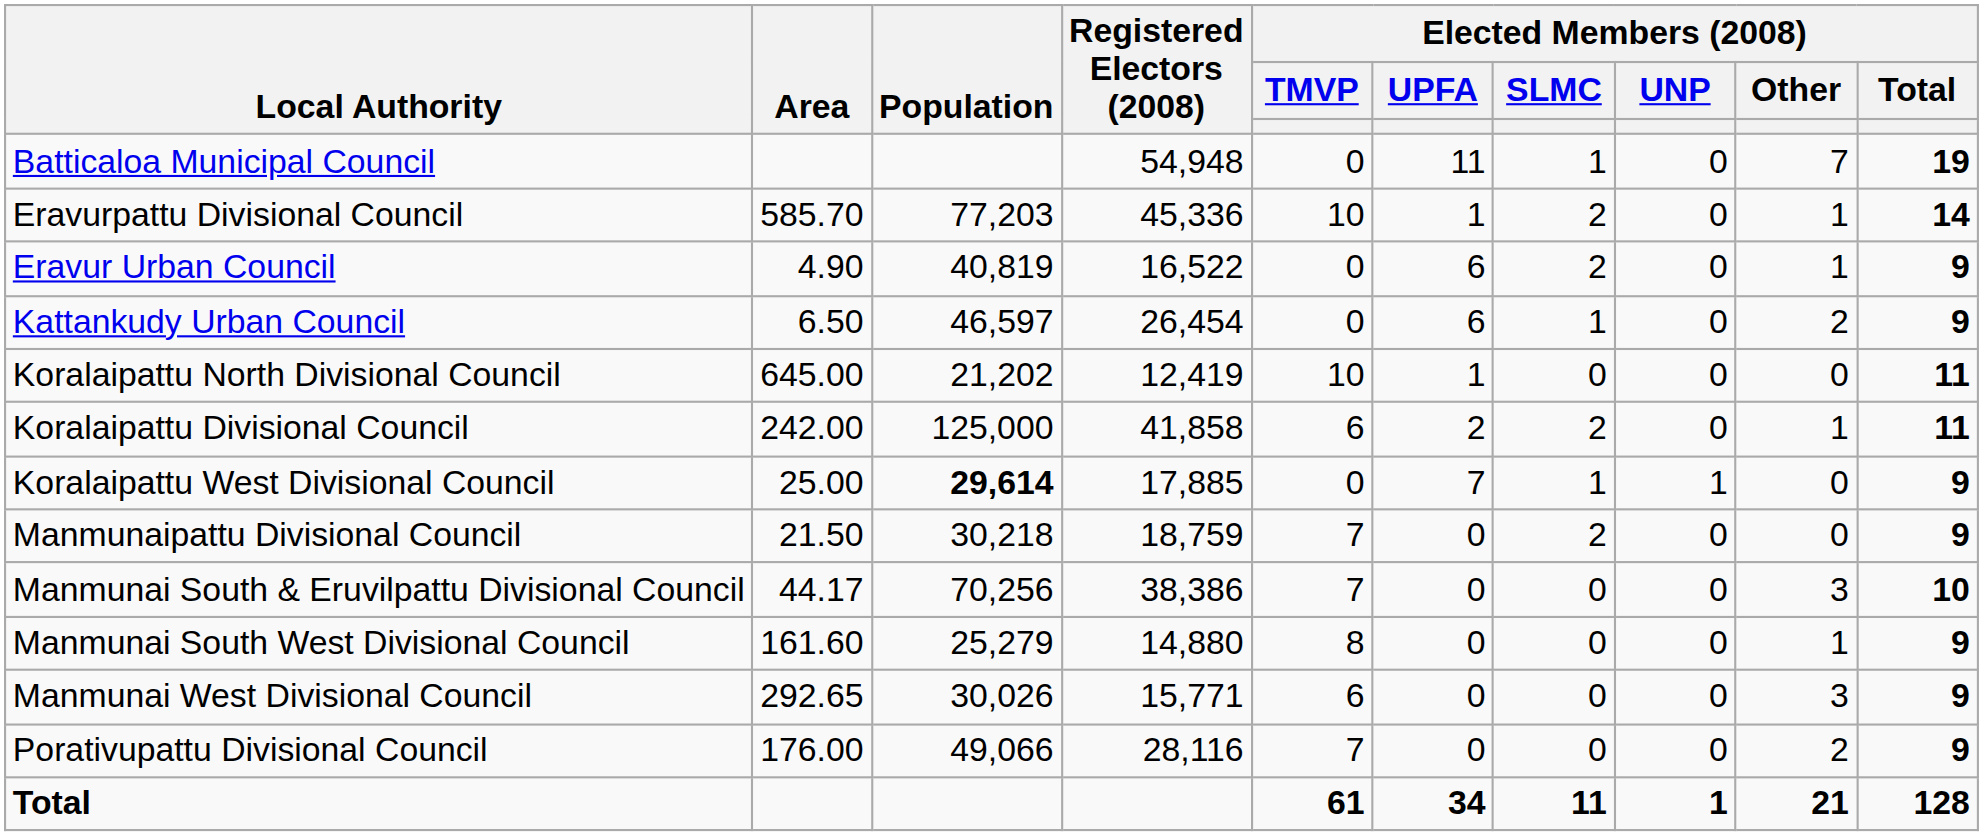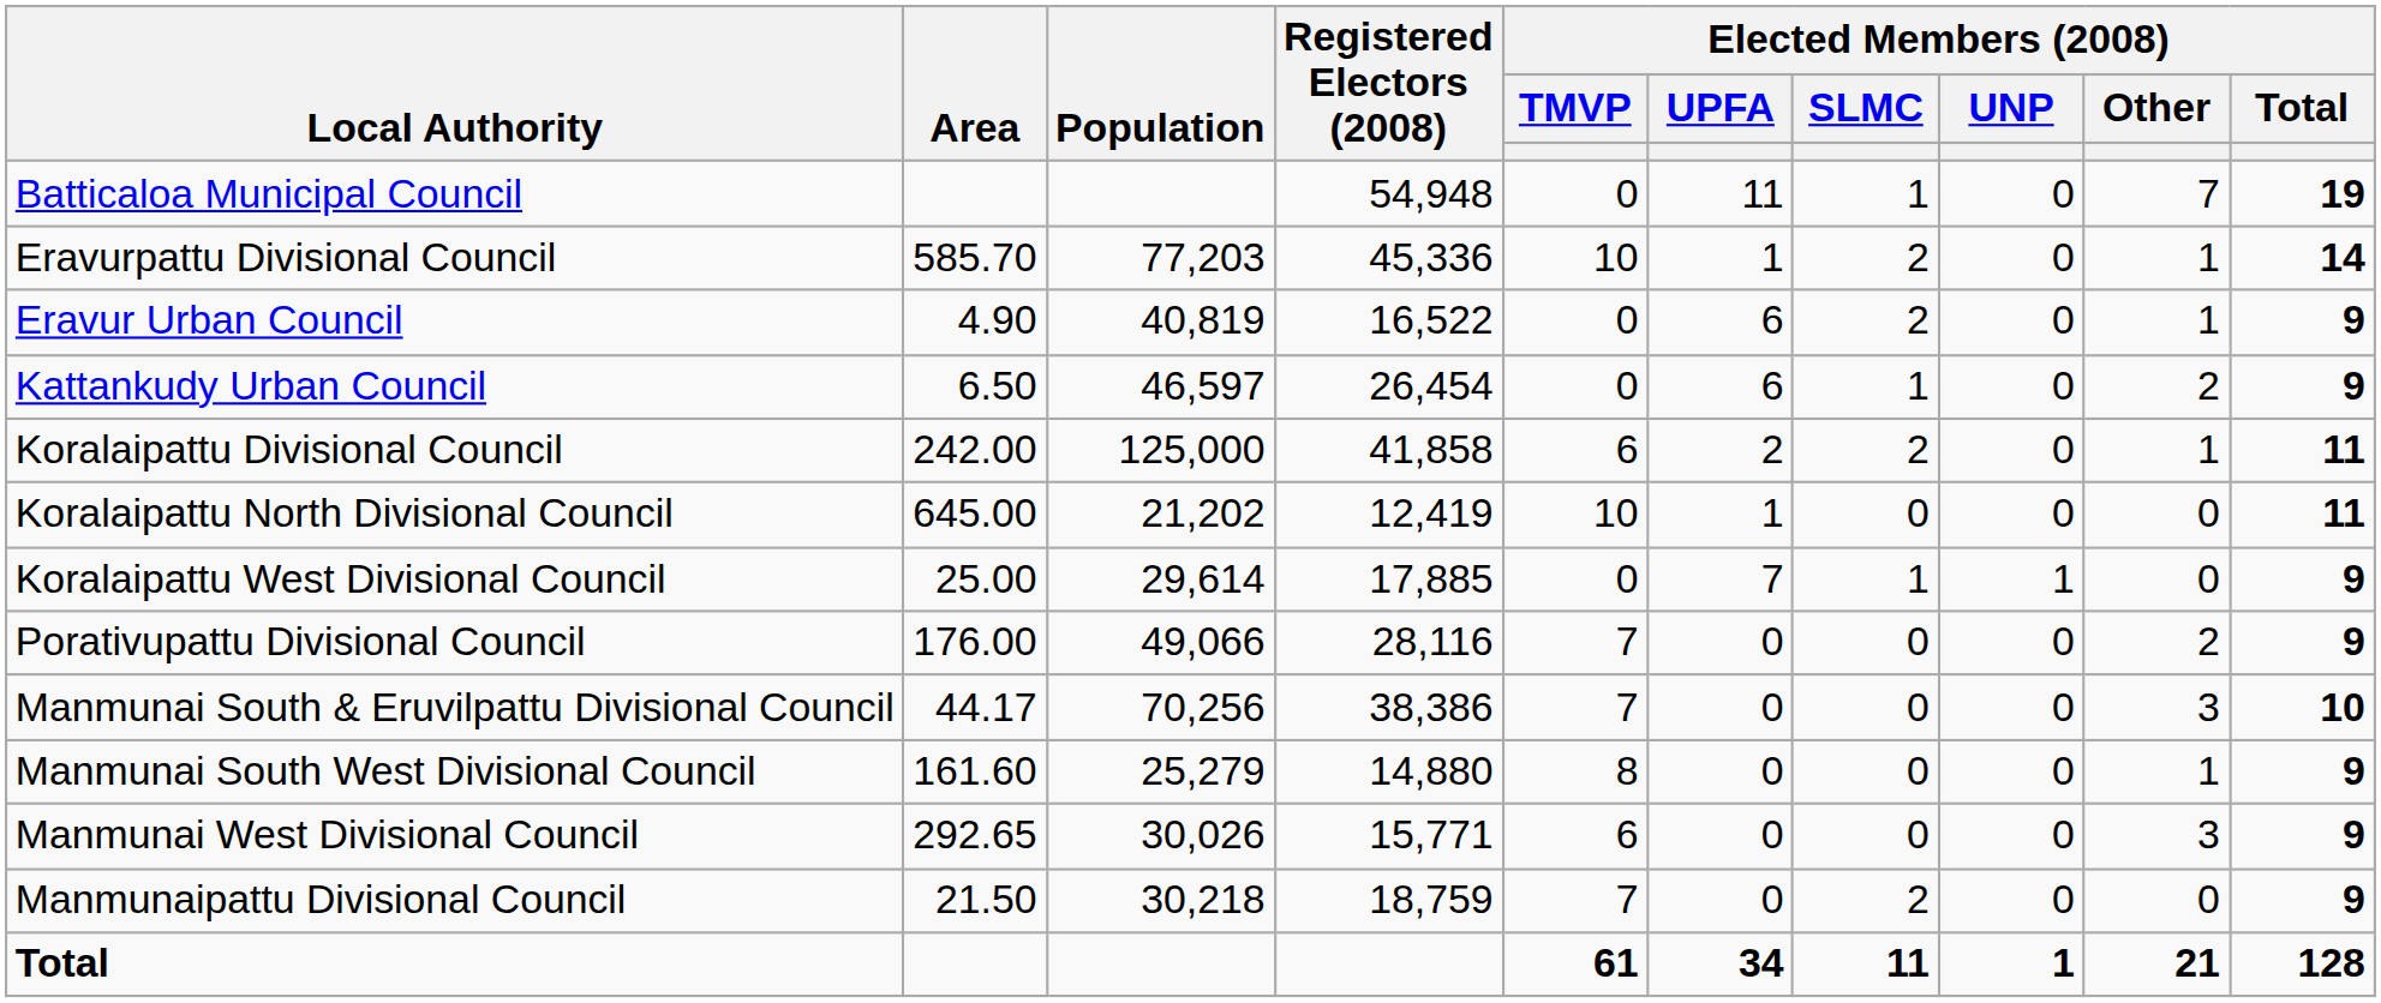 <table class="wikitable" border="1" style="text-align:right;">
 <tr>
 <th style="vertical-align:bottom;" rowspan=3>Local Authority</th>
 <th style="vertical-align:bottom;" rowspan=3>Area</th>
 <th style="vertical-align:bottom;" rowspan=3>Population</th>
 <th style="vertical-align:bottom;" rowspan=3>Registered<br>Electors<br>(2008)</th>
 <th colspan=6>Elected Members (2008)</th>
 </tr>
 <tr>
 <th style="width:50px;"><a href='#'>TMVP</a></th>
 <th style="width:50px;"><a href='#'>UPFA</a></th>
 <th style="width:50px;"><a href='#'>SLMC</a></th>
 <th style="width:50px;"><a href='#'>UNP</a></th>
 <th style="width:50px;">Other</th>
 <th style="width:50px;">Total</th>
 </tr>
 <tr>
 <th style="background:"></th>
 <th style="background:"></th>
 <th style="background:"></th>
 <th style="background:"></th>
 <th></th>
 <th></th>
 </tr>
 <tr>
 <td align=left><a href='#'>Batticaloa Municipal Council</a></td>
 <td></td>
 <td></td>
 <td>54,948</td>
 <td>0</td>
 <td>11</td>
 <td>1</td>
 <td>0</td>
 <td>7</td>
 <td><strong>19</strong></td>
 </tr>
 <tr>
 <td align=left>Eravurpattu Divisional Council</td>
 <td>585.70</td>
 <td>77,203</td>
 <td>45,336</td>
 <td>10</td>
 <td>1</td>
 <td>2</td>
 <td>0</td>
 <td>1</td>
 <td><strong>14</strong></td>
 </tr>
 <tr>
 <td align=left><a href='#'>Eravur Urban Council</a></td>
 <td>4.90</td>
 <td>40,819</td>
 <td>16,522</td>
 <td>0</td>
 <td>6</td>
 <td>2</td>
 <td>0</td>
 <td>1</td>
 <td><strong>9</strong></td>
 </tr>
 <tr>
 <td align=left><a href='#'>Kattankudy Urban Council</a></td>
 <td>6.50</td>
 <td>46,597</td>
 <td>26,454</td>
 <td>0</td>
 <td>6</td>
 <td>1</td>
 <td>0</td>
 <td>2</td>
 <td><strong>9</strong></td>
 </tr>
 <tr>
+<td align=left>Koralaipattu Divisional Council</td>
+<td>242.00</td>
+<td>125,000</td>
+<td>41,858</td>
+<td>6</td>
+<td>2</td>
+<td>2</td>
+<td>0</td>
+<td>1</td>
+<td><strong>11</strong></td>
+</tr>
+<tr>
 <td align=left>Koralaipattu North Divisional Council</td>
 <td>645.00</td>
 <td>21,202</td>
 <td>12,419</td>
 <td>10</td>
 <td>1</td>
 <td>0</td>
 <td>0</td>
 <td>0</td>
 <td><strong>11</strong></td>
 </tr>
 <tr>
-<td align=left>Koralaipattu Divisional Council</td>
-<td>242.00</td>
-<td>125,000</td>
-<td>41,858</td>
-<td>6</td>
-<td>2</td>
-<td>2</td>
-<td>0</td>
-<td>1</td>
-<td><strong>11</strong></td>
-</tr>
-<tr>
 <td align=left>Koralaipattu West Divisional Council</td>
 <td>25.00</td>
-<td><strong>29,614</strong></td>
+<td>29,614</td>
 <td>17,885</td>
 <td>0</td>
 <td>7</td>
 <td>1</td>
 <td>1</td>
 <td>0</td>
 <td><strong>9</strong></td>
 </tr>
 <tr>
-<td align=left>Manmunaipattu Divisional Council</td>
-<td>21.50</td>
-<td>30,218</td>
-<td>18,759</td>
+<td align=left>Porativupattu Divisional Council</td>
+<td>176.00</td>
+<td>49,066</td>
+<td>28,116</td>
 <td>7</td>
 <td>0</td>
-<td>2</td>
 <td>0</td>
 <td>0</td>
+<td>2</td>
 <td><strong>9</strong></td>
 </tr>
 <tr>
 <td align=left>Manmunai South & Eruvilpattu Divisional Council</td>
 <td>44.17</td>
 <td>70,256</td>
 <td>38,386</td>
 <td>7</td>
 <td>0</td>
 <td>0</td>
 <td>0</td>
 <td>3</td>
 <td><strong>10</strong></td>
 </tr>
 <tr>
 <td align=left>Manmunai South West Divisional Council</td>
 <td>161.60</td>
 <td>25,279</td>
 <td>14,880</td>
 <td>8</td>
 <td>0</td>
 <td>0</td>
 <td>0</td>
 <td>1</td>
 <td><strong>9</strong></td>
 </tr>
 <tr>
 <td align=left>Manmunai West Divisional Council</td>
 <td>292.65</td>
 <td>30,026</td>
 <td>15,771</td>
 <td>6</td>
 <td>0</td>
 <td>0</td>
 <td>0</td>
 <td>3</td>
 <td><strong>9</strong></td>
 </tr>
 <tr>
-<td align=left>Porativupattu Divisional Council</td>
-<td>176.00</td>
-<td>49,066</td>
-<td>28,116</td>
+<td align=left>Manmunaipattu Divisional Council</td>
+<td>21.50</td>
+<td>30,218</td>
+<td>18,759</td>
 <td>7</td>
 <td>0</td>
+<td>2</td>
 <td>0</td>
 <td>0</td>
-<td>2</td>
 <td><strong>9</strong></td>
 </tr>
 <tr style="font-weight:bold">
 <td align=left>Total</td>
 <td></td>
 <td></td>
 <td></td>
 <td>61</td>
 <td>34</td>
 <td>11</td>
 <td>1</td>
 <td>21</td>
 <td>128</td>
 </tr>
 </table>
